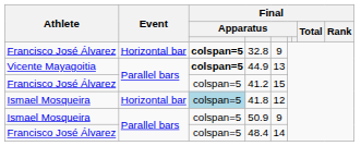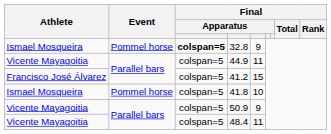 <table class="wikitable" style="font-size:90%">
 <tr>
 <th rowspan=3>Athlete</th>
 <th rowspan=3>Event</th>
 <th colspan=7>Final</th>
 </tr>
 <tr style="font-size:95%">
 <th colspan=5>Apparatus</th>
 <th rowspan=2>Total</th>
 <th rowspan=2>Rank</th>
 </tr>
 <tr style="font-size:95%">
 <th></th>
 <th></th>
 <th></th>
 <th></th>
 <th></th>
 </tr>
 <tr align=center>
-<td align=left><a href='#'>Francisco José Álvarez</a></td>
-<td align=left><a href='#'>Horizontal bar</a></td>
+<td align=left><a href='#'>Ismael Mosqueira</a></td>
+<td align=left><a href='#'>Pommel horse</a></td>
 <td><strong>colspan=5 </strong></td>
 <td>32.8</td>
 <td>9</td>
 </tr>
 <tr align=center>
 <td align=left><a href='#'>Vicente Mayagoitia</a></td>
 <td align=left rowspan=2><a href='#'>Parallel bars</a></td>
-<td><strong>colspan=5 </strong></td>
+<td>colspan=5 </td>
 <td>44.9</td>
-<td>13</td>
+<td>11</td>
 </tr>
 <tr align=center>
 <td align=left><a href='#'>Francisco José Álvarez</a></td>
 <td>colspan=5 </td>
 <td>41.2</td>
 <td>15</td>
 </tr>
 <tr align=center>
 <td align=left><a href='#'>Ismael Mosqueira</a></td>
-<td align=left><a href='#'>Horizontal bar</a></td>
-<td style="background: lightblue;">colspan=5 </td>
+<td align=left><a href='#'>Pommel horse</a></td>
+<td>colspan=5 </td>
 <td>41.8</td>
-<td>12</td>
+<td>10</td>
 </tr>
 <tr align=center>
-<td align=left><a href='#'>Ismael Mosqueira</a></td>
+<td align=left><a href='#'>Vicente Mayagoitia</a></td>
 <td align=left rowspan=2><a href='#'>Parallel bars</a></td>
 <td>colspan=5 </td>
 <td>50.9</td>
 <td>9</td>
 </tr>
 <tr align=center>
-<td align=left><a href='#'>Francisco José Álvarez</a></td>
+<td align=left><a href='#'>Vicente Mayagoitia</a></td>
 <td>colspan=5 </td>
 <td>48.4</td>
-<td>14</td>
+<td>11</td>
 </tr>
 </table>
